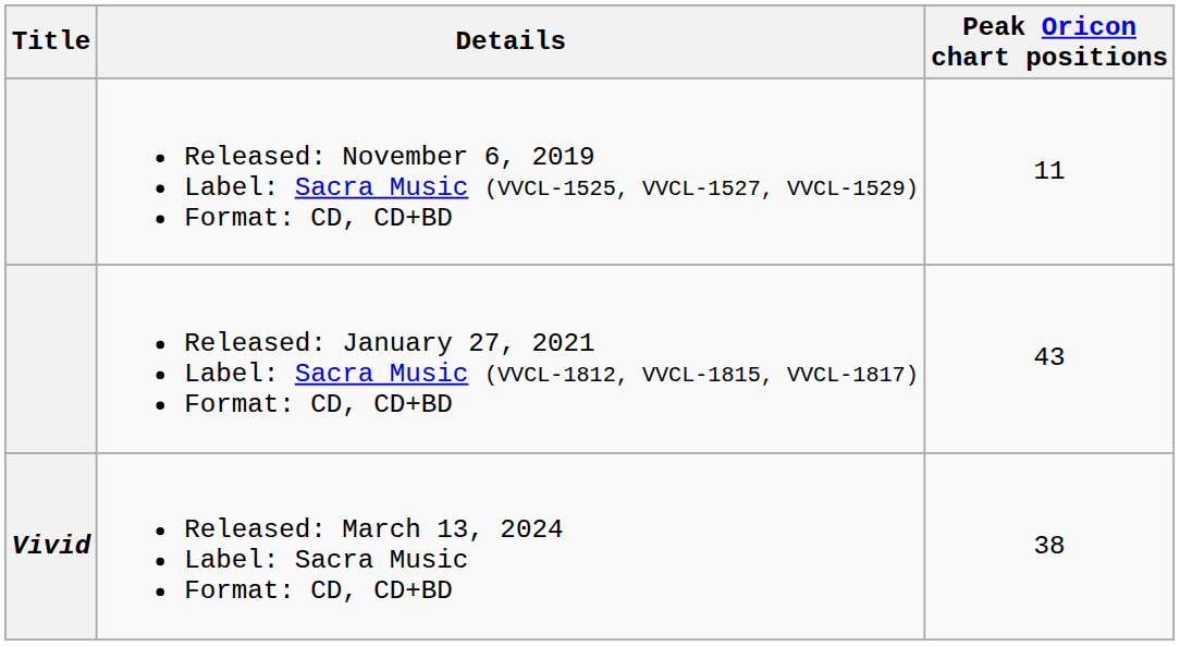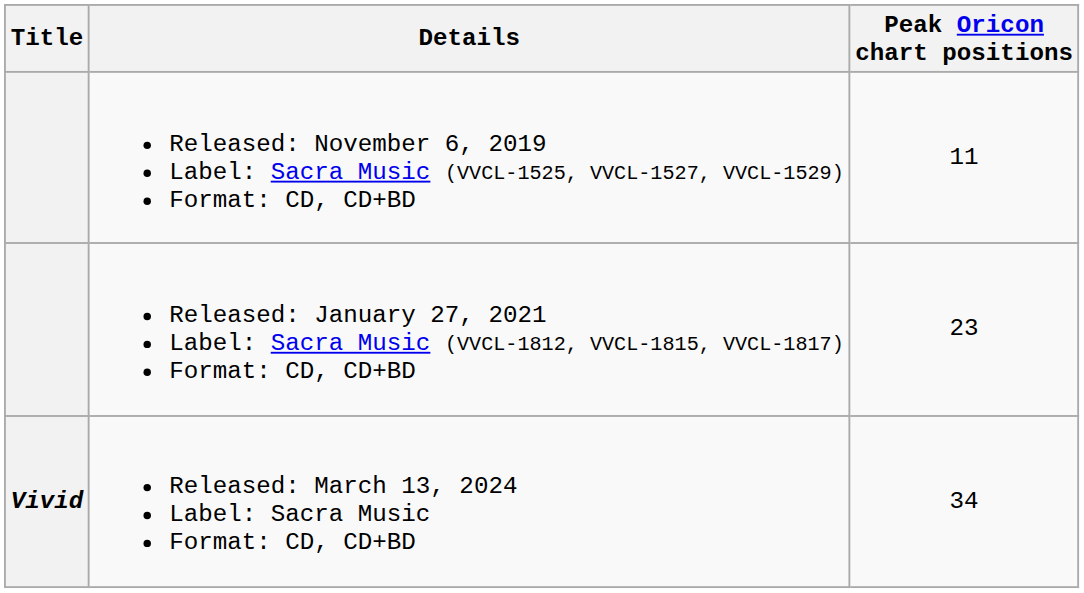 <table class="wikitable plainrowheaders" border="1">
 <tr>
 <th scope="col">Title</th>
 <th scope="col">Details</th>
 <th colspan="1">Peak <a href='#'>Oricon</a><br> chart positions</th>
 </tr>
 <tr>
 <th scope="row"></th>
 <td><br><ul><li>Released: November 6, 2019</li><li>Label: <a href='#'>Sacra Music</a> <small>(VVCL-1525, VVCL-1527, VVCL-1529)</small></li><li>Format: CD, CD+BD</li></ul></td>
 <td align="center">11</td>
 </tr>
 <tr>
 <th scope="row"></th>
 <td><br><ul><li>Released: January 27, 2021</li><li>Label: <a href='#'>Sacra Music</a> <small>(VVCL-1812, VVCL-1815, VVCL-1817)</small></li><li>Format: CD, CD+BD</li></ul></td>
-<td align="center">43</td>
+<td align="center">23</td>
 </tr>
 <tr>
 <th scope="row"><em>Vivid</em></th>
 <td><br><ul><li>Released: March 13, 2024</li><li>Label: Sacra Music</li><li>Format: CD, CD+BD</li></ul></td>
-<td align="center">38</td>
+<td align="center">34</td>
 </tr>
 </table>
